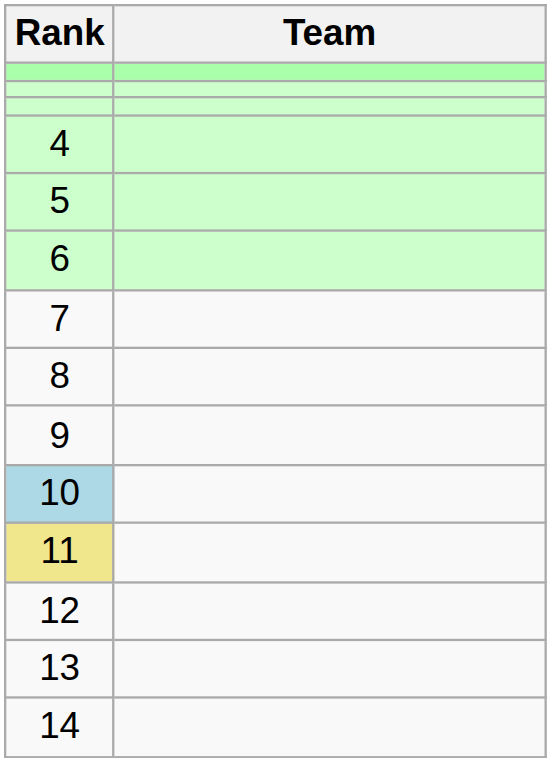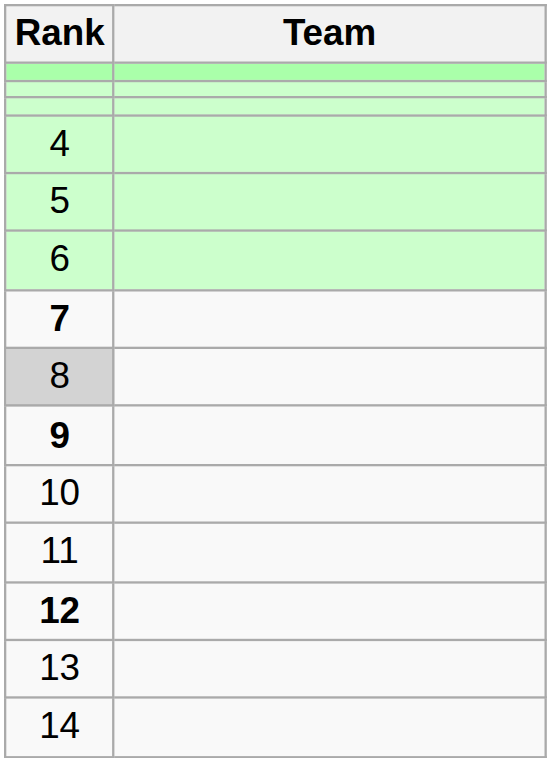 <table class="wikitable" style="text-align: center;">
 <tr>
 <th width=40>Rank</th>
 <th width=180>Team</th>
 </tr>
 <tr bgcolor="#aaffaa">
 <td></td>
 <td align="left"></td>
 </tr>
 <tr bgcolor="#ccffcc">
 <td></td>
 <td align="left"></td>
 </tr>
 <tr bgcolor="#ccffcc">
 <td></td>
 <td align="left"></td>
 </tr>
 <tr bgcolor="#ccffcc">
 <td>4</td>
 <td align="left"></td>
 </tr>
 <tr bgcolor="#ccffcc">
 <td>5</td>
 <td align="left"></td>
 </tr>
 <tr bgcolor="#ccffcc">
 <td>6</td>
 <td align="left"></td>
 </tr>
 <tr>
-<td>7</td>
+<td><strong>7</strong></td>
 <td align="left"></td>
 </tr>
 <tr>
-<td>8</td>
+<td style="background: lightgrey;">8</td>
 <td align="left"></td>
 </tr>
 <tr>
-<td>9</td>
+<td><strong>9</strong></td>
 <td align="left"></td>
 </tr>
 <tr>
-<td style="background: lightblue;">10</td>
+<td>10</td>
 <td align="left"></td>
 </tr>
 <tr>
-<td style="background: khaki;">11</td>
+<td>11</td>
 <td align="left"></td>
 </tr>
 <tr>
-<td>12</td>
+<td><strong>12</strong></td>
 <td align="left"></td>
 </tr>
 <tr>
 <td>13</td>
 <td align="left"></td>
 </tr>
 <tr>
 <td>14</td>
 <td align="left"></td>
 </tr>
 </table>
